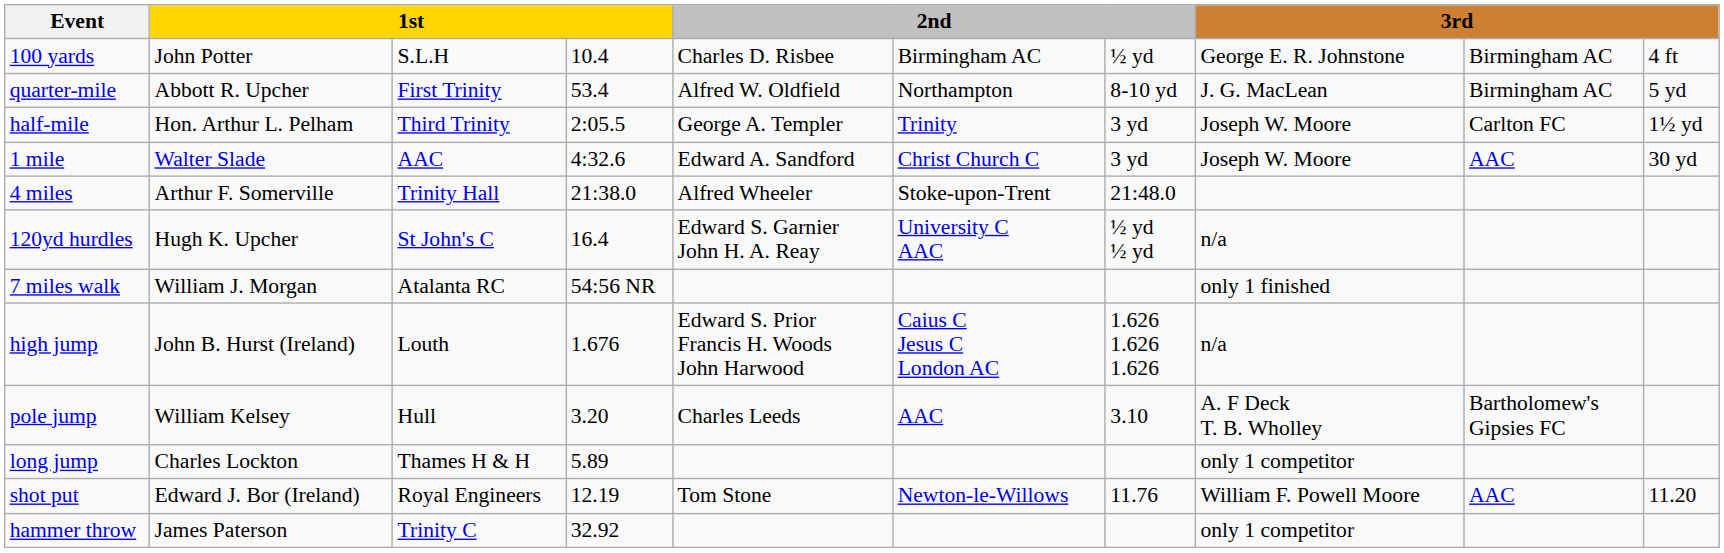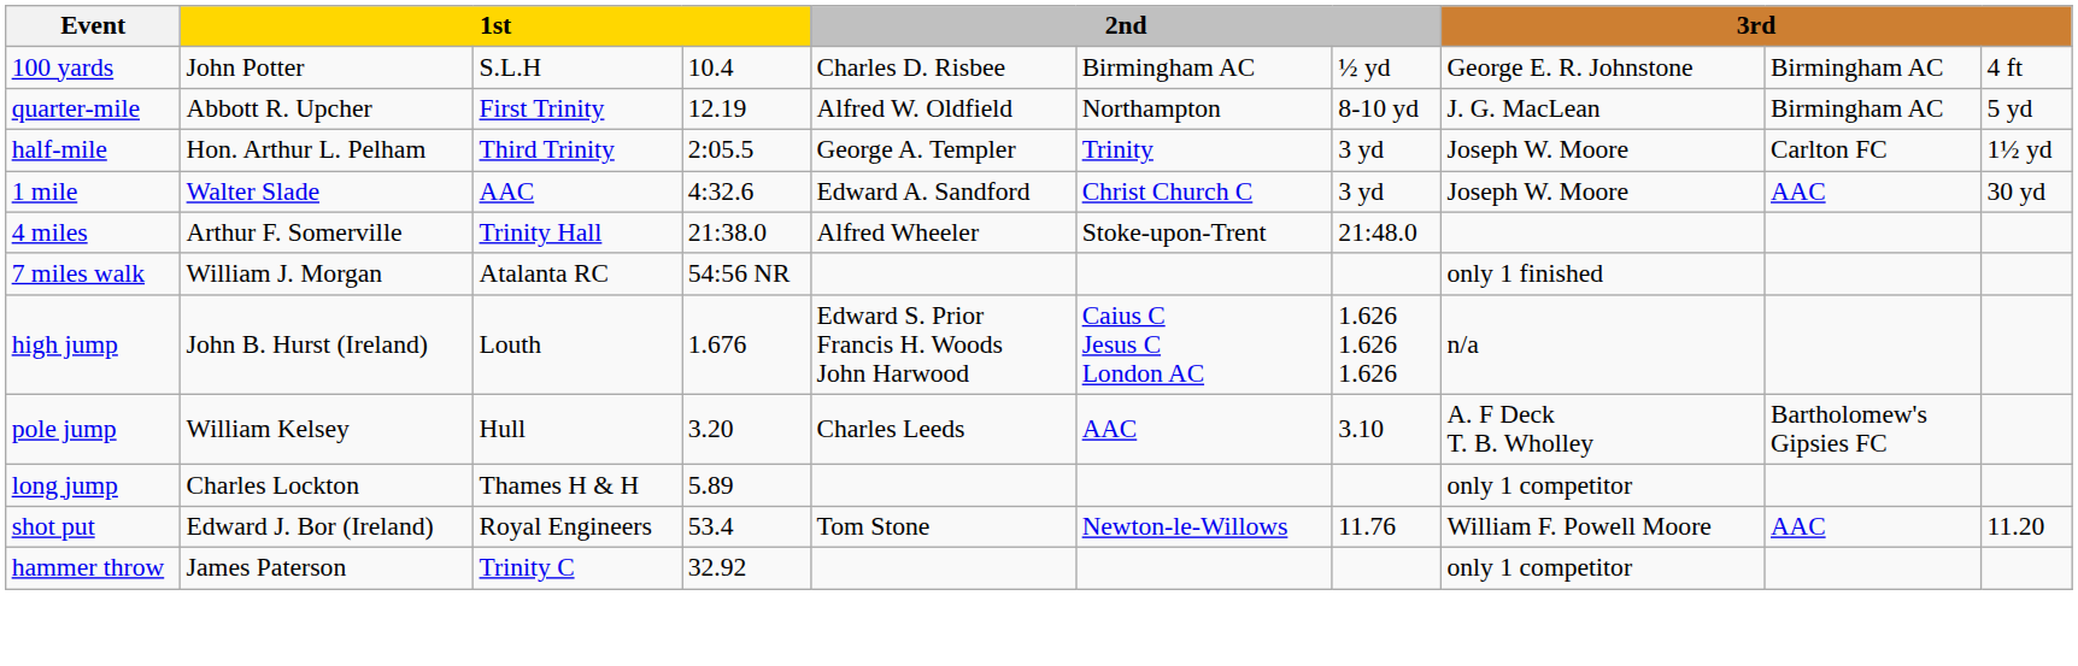 <table class="wikitable" style="text-align:left">
 <tr>
 <th width=100>Event</th>
 <th colspan="3" width="380" style="background:gold;">1st</th>
 <th colspan="3" width="380" style="background:silver;">2nd</th>
 <th colspan="3" width="380" style="background:#CD7F32;">3rd</th>
 </tr>
 <tr>
 <td><a href='#'>100 yards</a></td>
 <td>John Potter</td>
 <td>S.L.H</td>
 <td>10.4</td>
 <td>Charles D. Risbee</td>
 <td>Birmingham AC</td>
 <td>½ yd</td>
 <td>George E. R. Johnstone</td>
 <td>Birmingham AC</td>
 <td>4 ft</td>
 </tr>
 <tr>
 <td><a href='#'>quarter-mile</a></td>
 <td>Abbott R. Upcher</td>
 <td><a href='#'>First Trinity</a></td>
-<td>53.4</td>
+<td>12.19</td>
 <td>Alfred W. Oldfield</td>
 <td>Northampton</td>
 <td>8-10 yd</td>
 <td>J. G. MacLean</td>
 <td>Birmingham AC</td>
 <td>5 yd</td>
 </tr>
 <tr>
 <td><a href='#'>half-mile</a></td>
 <td>Hon. Arthur L. Pelham</td>
 <td><a href='#'>Third Trinity</a></td>
 <td>2:05.5</td>
 <td>George A. Templer</td>
 <td><a href='#'>Trinity</a></td>
 <td>3 yd</td>
 <td>Joseph W. Moore</td>
 <td>Carlton FC</td>
 <td>1½ yd</td>
 </tr>
 <tr>
 <td><a href='#'>1 mile</a></td>
 <td><a href='#'>Walter Slade</a></td>
 <td><a href='#'>AAC</a></td>
 <td>4:32.6</td>
 <td>Edward A. Sandford</td>
 <td><a href='#'>Christ Church C</a></td>
 <td>3 yd</td>
 <td>Joseph W. Moore</td>
 <td><a href='#'>AAC</a></td>
 <td>30 yd</td>
 </tr>
 <tr>
 <td><a href='#'>4 miles</a></td>
 <td>Arthur F. Somerville</td>
 <td><a href='#'>Trinity Hall</a></td>
 <td>21:38.0</td>
 <td>Alfred Wheeler</td>
 <td>Stoke-upon-Trent</td>
 <td>21:48.0</td>
 <td></td>
-<td></td>
-<td></td>
-</tr>
-<tr>
-<td><a href='#'>120yd hurdles</a></td>
-<td>Hugh K. Upcher</td>
-<td><a href='#'>St John's C</a></td>
-<td>16.4</td>
-<td>Edward S. Garnier<br>John H. A. Reay</td>
-<td><a href='#'>University C</a><br><a href='#'>AAC</a></td>
-<td>½ yd<br>½ yd</td>
-<td>n/a</td>
 <td></td>
 <td></td>
 </tr>
 <tr>
 <td><a href='#'>7 miles walk</a></td>
 <td>William J. Morgan</td>
 <td>Atalanta RC</td>
 <td>54:56 NR</td>
 <td></td>
 <td></td>
 <td></td>
 <td>only 1 finished</td>
 <td></td>
 <td></td>
 </tr>
 <tr>
 <td><a href='#'>high jump</a></td>
 <td>John B. Hurst (Ireland)</td>
 <td>Louth</td>
 <td>1.676</td>
 <td>Edward S. Prior<br>Francis H. Woods<br>John Harwood</td>
 <td><a href='#'>Caius C</a><br><a href='#'>Jesus C</a><br><a href='#'>London AC</a></td>
 <td>1.626<br>1.626<br>1.626</td>
 <td>n/a</td>
 <td></td>
 <td></td>
 </tr>
 <tr>
 <td><a href='#'>pole jump</a></td>
 <td>William Kelsey</td>
 <td>Hull</td>
 <td>3.20</td>
 <td>Charles Leeds</td>
 <td><a href='#'>AAC</a></td>
 <td>3.10</td>
 <td>A. F Deck<br> T. B. Wholley</td>
 <td>Bartholomew's <br>Gipsies FC</td>
 <td></td>
 </tr>
 <tr>
 <td><a href='#'>long jump</a></td>
 <td>Charles Lockton</td>
 <td>Thames H & H</td>
 <td>5.89</td>
 <td></td>
 <td></td>
 <td></td>
 <td>only 1 competitor</td>
 <td></td>
 <td></td>
 </tr>
 <tr>
 <td><a href='#'>shot put</a></td>
 <td>Edward J. Bor (Ireland)</td>
 <td>Royal Engineers</td>
-<td>12.19</td>
+<td>53.4</td>
 <td>Tom Stone</td>
 <td><a href='#'>Newton-le-Willows</a></td>
 <td>11.76</td>
 <td>William F. Powell Moore</td>
 <td><a href='#'>AAC</a></td>
 <td>11.20</td>
 </tr>
 <tr>
 <td><a href='#'>hammer throw</a></td>
 <td>James Paterson</td>
 <td><a href='#'>Trinity C</a></td>
 <td>32.92</td>
 <td></td>
 <td></td>
 <td></td>
 <td>only 1 competitor</td>
 <td></td>
 <td></td>
 </tr>
 </table>
